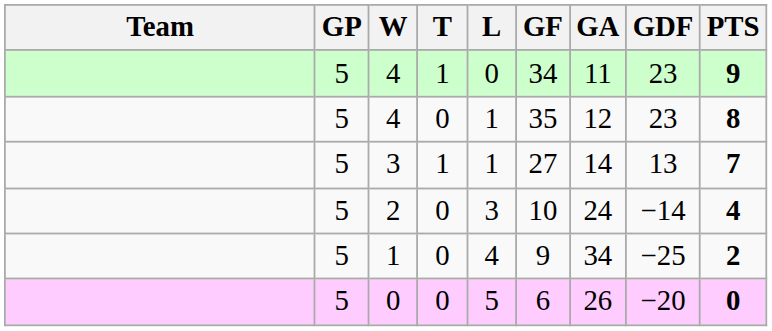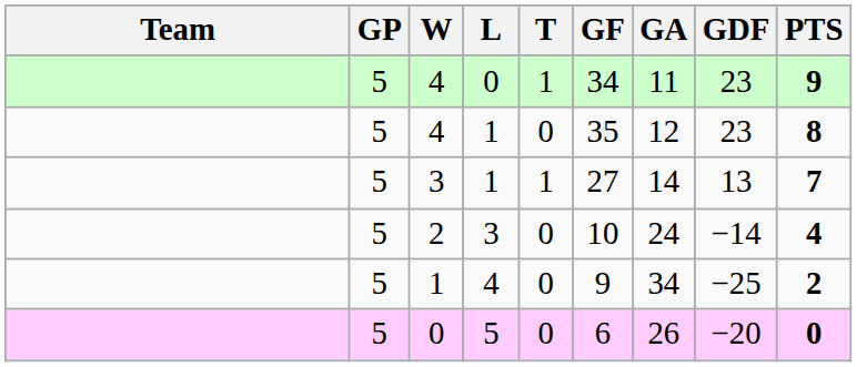 <table class="wikitable">
 <tr>
 <th width=165>Team</th>
 <th width=20>GP</th>
 <th width=20>W</th>
+<th width=20>L</th>
 <th width=20>T</th>
-<th width=20>L</th>
 <th width=20>GF</th>
 <th width=20>GA</th>
 <th width=20>GDF</th>
 <th width=20>PTS</th>
 </tr>
 <tr align=center style="background:#ccffcc;">
 <td style="text-align:left;"></td>
 <td>5</td>
 <td>4</td>
+<td>0</td>
 <td>1</td>
-<td>0</td>
 <td>34</td>
 <td>11</td>
 <td>23</td>
 <td><strong>9</strong></td>
 </tr>
 <tr align=center>
 <td style="text-align:left;"></td>
 <td>5</td>
 <td>4</td>
+<td>1</td>
 <td>0</td>
-<td>1</td>
 <td>35</td>
 <td>12</td>
 <td>23</td>
 <td><strong>8</strong></td>
 </tr>
 <tr align=center>
 <td style="text-align:left;"></td>
 <td>5</td>
 <td>3</td>
 <td>1</td>
 <td>1</td>
 <td>27</td>
 <td>14</td>
 <td>13</td>
 <td><strong>7</strong></td>
 </tr>
 <tr align=center>
 <td style="text-align:left;"></td>
 <td>5</td>
 <td>2</td>
+<td>3</td>
 <td>0</td>
-<td>3</td>
 <td>10</td>
 <td>24</td>
 <td>−14</td>
 <td><strong>4</strong></td>
 </tr>
 <tr align=center>
 <td style="text-align:left;"></td>
 <td>5</td>
 <td>1</td>
+<td>4</td>
 <td>0</td>
-<td>4</td>
 <td>9</td>
 <td>34</td>
 <td>−25</td>
 <td><strong>2</strong></td>
 </tr>
 <tr align=center style="background:#ffccff;">
 <td style="text-align:left;"></td>
 <td>5</td>
 <td>0</td>
+<td>5</td>
 <td>0</td>
-<td>5</td>
 <td>6</td>
 <td>26</td>
 <td>−20</td>
 <td><strong>0</strong></td>
 </tr>
 </table>
